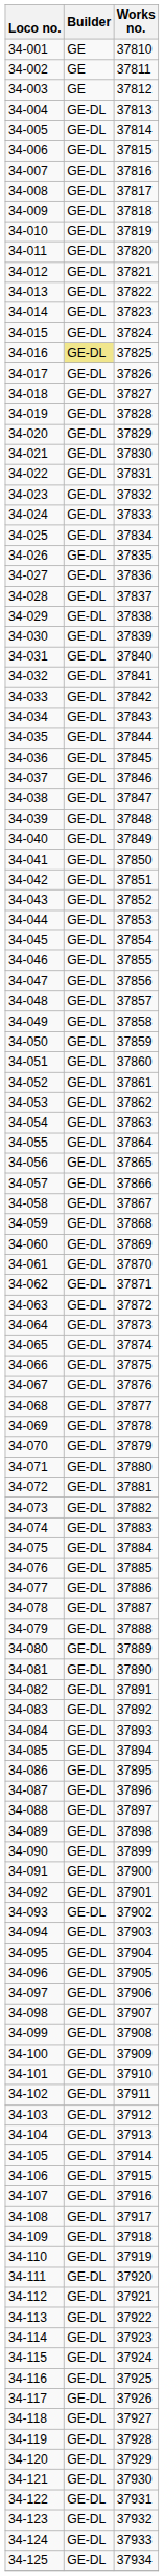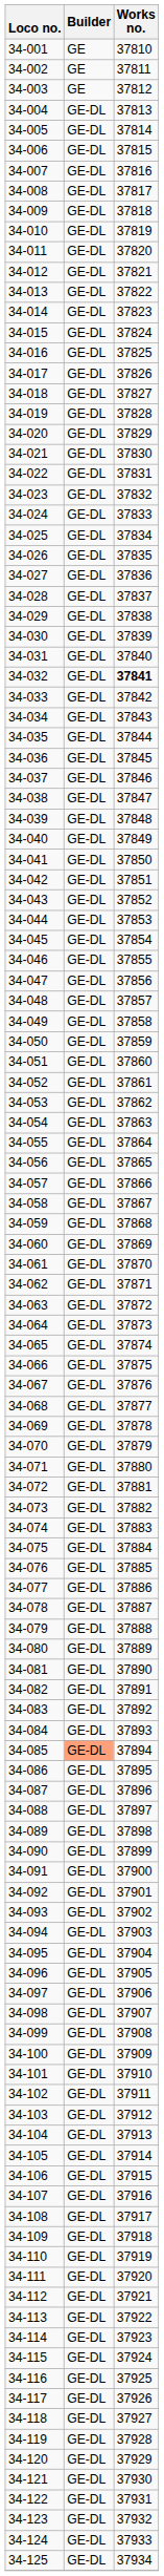 <table class="wikitable collapsible collapsed sortable" style="margin:0.5em auto; font-size:100%;">
 <tr>
 <th><br>Loco no.</th>
 <th>Builder</th>
 <th>Works<br>no.</th>
 </tr>
 <tr>
 <td>34-001</td>
 <td>GE</td>
 <td>37810</td>
 </tr>
 <tr>
 <td>34-002</td>
 <td>GE</td>
 <td>37811</td>
 </tr>
 <tr>
 <td>34-003</td>
 <td>GE</td>
 <td>37812</td>
 </tr>
 <tr>
 <td>34-004</td>
 <td>GE-DL</td>
 <td>37813</td>
 </tr>
 <tr>
 <td>34-005</td>
 <td>GE-DL</td>
 <td>37814</td>
 </tr>
 <tr>
 <td>34-006</td>
 <td>GE-DL</td>
 <td>37815</td>
 </tr>
 <tr>
 <td>34-007</td>
 <td>GE-DL</td>
 <td>37816</td>
 </tr>
 <tr>
 <td>34-008</td>
 <td>GE-DL</td>
 <td>37817</td>
 </tr>
 <tr>
 <td>34-009</td>
 <td>GE-DL</td>
 <td>37818</td>
 </tr>
 <tr>
 <td>34-010</td>
 <td>GE-DL</td>
 <td>37819</td>
 </tr>
 <tr>
 <td>34-011</td>
 <td>GE-DL</td>
 <td>37820</td>
 </tr>
 <tr>
 <td>34-012</td>
 <td>GE-DL</td>
 <td>37821</td>
 </tr>
 <tr>
 <td>34-013</td>
 <td>GE-DL</td>
 <td>37822</td>
 </tr>
 <tr>
 <td>34-014</td>
 <td>GE-DL</td>
 <td>37823</td>
 </tr>
 <tr>
 <td>34-015</td>
 <td>GE-DL</td>
 <td>37824</td>
 </tr>
 <tr>
 <td>34-016</td>
-<td style="background: khaki;">GE-DL</td>
+<td>GE-DL</td>
 <td>37825</td>
 </tr>
 <tr>
 <td>34-017</td>
 <td>GE-DL</td>
 <td>37826</td>
 </tr>
 <tr>
 <td>34-018</td>
 <td>GE-DL</td>
 <td>37827</td>
 </tr>
 <tr>
 <td>34-019</td>
 <td>GE-DL</td>
 <td>37828</td>
 </tr>
 <tr>
 <td>34-020</td>
 <td>GE-DL</td>
 <td>37829</td>
 </tr>
 <tr>
 <td>34-021</td>
 <td>GE-DL</td>
 <td>37830</td>
 </tr>
 <tr>
 <td>34-022</td>
 <td>GE-DL</td>
 <td>37831</td>
 </tr>
 <tr>
 <td>34-023</td>
 <td>GE-DL</td>
 <td>37832</td>
 </tr>
 <tr>
 <td>34-024</td>
 <td>GE-DL</td>
 <td>37833</td>
 </tr>
 <tr>
 <td>34-025</td>
 <td>GE-DL</td>
 <td>37834</td>
 </tr>
 <tr>
 <td>34-026</td>
 <td>GE-DL</td>
 <td>37835</td>
 </tr>
 <tr>
 <td>34-027</td>
 <td>GE-DL</td>
 <td>37836</td>
 </tr>
 <tr>
 <td>34-028</td>
 <td>GE-DL</td>
 <td>37837</td>
 </tr>
 <tr>
 <td>34-029</td>
 <td>GE-DL</td>
 <td>37838</td>
 </tr>
 <tr>
 <td>34-030</td>
 <td>GE-DL</td>
 <td>37839</td>
 </tr>
 <tr>
 <td>34-031</td>
 <td>GE-DL</td>
 <td>37840</td>
 </tr>
 <tr>
 <td>34-032</td>
 <td>GE-DL</td>
-<td>37841</td>
+<td><strong>37841</strong></td>
 </tr>
 <tr>
 <td>34-033</td>
 <td>GE-DL</td>
 <td>37842</td>
 </tr>
 <tr>
 <td>34-034</td>
 <td>GE-DL</td>
 <td>37843</td>
 </tr>
 <tr>
 <td>34-035</td>
 <td>GE-DL</td>
 <td>37844</td>
 </tr>
 <tr>
 <td>34-036</td>
 <td>GE-DL</td>
 <td>37845</td>
 </tr>
 <tr>
 <td>34-037</td>
 <td>GE-DL</td>
 <td>37846</td>
 </tr>
 <tr>
 <td>34-038</td>
 <td>GE-DL</td>
 <td>37847</td>
 </tr>
 <tr>
 <td>34-039</td>
 <td>GE-DL</td>
 <td>37848</td>
 </tr>
 <tr>
 <td>34-040</td>
 <td>GE-DL</td>
 <td>37849</td>
 </tr>
 <tr>
 <td>34-041</td>
 <td>GE-DL</td>
 <td>37850</td>
 </tr>
 <tr>
 <td>34-042</td>
 <td>GE-DL</td>
 <td>37851</td>
 </tr>
 <tr>
 <td>34-043</td>
 <td>GE-DL</td>
 <td>37852</td>
 </tr>
 <tr>
 <td>34-044</td>
 <td>GE-DL</td>
 <td>37853</td>
 </tr>
 <tr>
 <td>34-045</td>
 <td>GE-DL</td>
 <td>37854</td>
 </tr>
 <tr>
 <td>34-046</td>
 <td>GE-DL</td>
 <td>37855</td>
 </tr>
 <tr>
 <td>34-047</td>
 <td>GE-DL</td>
 <td>37856</td>
 </tr>
 <tr>
 <td>34-048</td>
 <td>GE-DL</td>
 <td>37857</td>
 </tr>
 <tr>
 <td>34-049</td>
 <td>GE-DL</td>
 <td>37858</td>
 </tr>
 <tr>
 <td>34-050</td>
 <td>GE-DL</td>
 <td>37859</td>
 </tr>
 <tr>
 <td>34-051</td>
 <td>GE-DL</td>
 <td>37860</td>
 </tr>
 <tr>
 <td>34-052</td>
 <td>GE-DL</td>
 <td>37861</td>
 </tr>
 <tr>
 <td>34-053</td>
 <td>GE-DL</td>
 <td>37862</td>
 </tr>
 <tr>
 <td>34-054</td>
 <td>GE-DL</td>
 <td>37863</td>
 </tr>
 <tr>
 <td>34-055</td>
 <td>GE-DL</td>
 <td>37864</td>
 </tr>
 <tr>
 <td>34-056</td>
 <td>GE-DL</td>
 <td>37865</td>
 </tr>
 <tr>
 <td>34-057</td>
 <td>GE-DL</td>
 <td>37866</td>
 </tr>
 <tr>
 <td>34-058</td>
 <td>GE-DL</td>
 <td>37867</td>
 </tr>
 <tr>
 <td>34-059</td>
 <td>GE-DL</td>
 <td>37868</td>
 </tr>
 <tr>
 <td>34-060</td>
 <td>GE-DL</td>
 <td>37869</td>
 </tr>
 <tr>
 <td>34-061</td>
 <td>GE-DL</td>
 <td>37870</td>
 </tr>
 <tr>
 <td>34-062</td>
 <td>GE-DL</td>
 <td>37871</td>
 </tr>
 <tr>
 <td>34-063</td>
 <td>GE-DL</td>
 <td>37872</td>
 </tr>
 <tr>
 <td>34-064</td>
 <td>GE-DL</td>
 <td>37873</td>
 </tr>
 <tr>
 <td>34-065</td>
 <td>GE-DL</td>
 <td>37874</td>
 </tr>
 <tr>
 <td>34-066</td>
 <td>GE-DL</td>
 <td>37875</td>
 </tr>
 <tr>
 <td>34-067</td>
 <td>GE-DL</td>
 <td>37876</td>
 </tr>
 <tr>
 <td>34-068</td>
 <td>GE-DL</td>
 <td>37877</td>
 </tr>
 <tr>
 <td>34-069</td>
 <td>GE-DL</td>
 <td>37878</td>
 </tr>
 <tr>
 <td>34-070</td>
 <td>GE-DL</td>
 <td>37879</td>
 </tr>
 <tr>
 <td>34-071</td>
 <td>GE-DL</td>
 <td>37880</td>
 </tr>
 <tr>
 <td>34-072</td>
 <td>GE-DL</td>
 <td>37881</td>
 </tr>
 <tr>
 <td>34-073</td>
 <td>GE-DL</td>
 <td>37882</td>
 </tr>
 <tr>
 <td>34-074</td>
 <td>GE-DL</td>
 <td>37883</td>
 </tr>
 <tr>
 <td>34-075</td>
 <td>GE-DL</td>
 <td>37884</td>
 </tr>
 <tr>
 <td>34-076</td>
 <td>GE-DL</td>
 <td>37885</td>
 </tr>
 <tr>
 <td>34-077</td>
 <td>GE-DL</td>
 <td>37886</td>
 </tr>
 <tr>
 <td>34-078</td>
 <td>GE-DL</td>
 <td>37887</td>
 </tr>
 <tr>
 <td>34-079</td>
 <td>GE-DL</td>
 <td>37888</td>
 </tr>
 <tr>
 <td>34-080</td>
 <td>GE-DL</td>
 <td>37889</td>
 </tr>
 <tr>
 <td>34-081</td>
 <td>GE-DL</td>
 <td>37890</td>
 </tr>
 <tr>
 <td>34-082</td>
 <td>GE-DL</td>
 <td>37891</td>
 </tr>
 <tr>
 <td>34-083</td>
 <td>GE-DL</td>
 <td>37892</td>
 </tr>
 <tr>
 <td>34-084</td>
 <td>GE-DL</td>
 <td>37893</td>
 </tr>
 <tr>
 <td>34-085</td>
-<td>GE-DL</td>
+<td style="background: lightsalmon;">GE-DL</td>
 <td>37894</td>
 </tr>
 <tr>
 <td>34-086</td>
 <td>GE-DL</td>
 <td>37895</td>
 </tr>
 <tr>
 <td>34-087</td>
 <td>GE-DL</td>
 <td>37896</td>
 </tr>
 <tr>
 <td>34-088</td>
 <td>GE-DL</td>
 <td>37897</td>
 </tr>
 <tr>
 <td>34-089</td>
 <td>GE-DL</td>
 <td>37898</td>
 </tr>
 <tr>
 <td>34-090</td>
 <td>GE-DL</td>
 <td>37899</td>
 </tr>
 <tr>
 <td>34-091</td>
 <td>GE-DL</td>
 <td>37900</td>
 </tr>
 <tr>
 <td>34-092</td>
 <td>GE-DL</td>
 <td>37901</td>
 </tr>
 <tr>
 <td>34-093</td>
 <td>GE-DL</td>
 <td>37902</td>
 </tr>
 <tr>
 <td>34-094</td>
 <td>GE-DL</td>
 <td>37903</td>
 </tr>
 <tr>
 <td>34-095</td>
 <td>GE-DL</td>
 <td>37904</td>
 </tr>
 <tr>
 <td>34-096</td>
 <td>GE-DL</td>
 <td>37905</td>
 </tr>
 <tr>
 <td>34-097</td>
 <td>GE-DL</td>
 <td>37906</td>
 </tr>
 <tr>
 <td>34-098</td>
 <td>GE-DL</td>
 <td>37907</td>
 </tr>
 <tr>
 <td>34-099</td>
 <td>GE-DL</td>
 <td>37908</td>
 </tr>
 <tr>
 <td>34-100</td>
 <td>GE-DL</td>
 <td>37909</td>
 </tr>
 <tr>
 <td>34-101</td>
 <td>GE-DL</td>
 <td>37910</td>
 </tr>
 <tr>
 <td>34-102</td>
 <td>GE-DL</td>
 <td>37911</td>
 </tr>
 <tr>
 <td>34-103</td>
 <td>GE-DL</td>
 <td>37912</td>
 </tr>
 <tr>
 <td>34-104</td>
 <td>GE-DL</td>
 <td>37913</td>
 </tr>
 <tr>
 <td>34-105</td>
 <td>GE-DL</td>
 <td>37914</td>
 </tr>
 <tr>
 <td>34-106</td>
 <td>GE-DL</td>
 <td>37915</td>
 </tr>
 <tr>
 <td>34-107</td>
 <td>GE-DL</td>
 <td>37916</td>
 </tr>
 <tr>
 <td>34-108</td>
 <td>GE-DL</td>
 <td>37917</td>
 </tr>
 <tr>
 <td>34-109</td>
 <td>GE-DL</td>
 <td>37918</td>
 </tr>
 <tr>
 <td>34-110</td>
 <td>GE-DL</td>
 <td>37919</td>
 </tr>
 <tr>
 <td>34-111</td>
 <td>GE-DL</td>
 <td>37920</td>
 </tr>
 <tr>
 <td>34-112</td>
 <td>GE-DL</td>
 <td>37921</td>
 </tr>
 <tr>
 <td>34-113</td>
 <td>GE-DL</td>
 <td>37922</td>
 </tr>
 <tr>
 <td>34-114</td>
 <td>GE-DL</td>
 <td>37923</td>
 </tr>
 <tr>
 <td>34-115</td>
 <td>GE-DL</td>
 <td>37924</td>
 </tr>
 <tr>
 <td>34-116</td>
 <td>GE-DL</td>
 <td>37925</td>
 </tr>
 <tr>
 <td>34-117</td>
 <td>GE-DL</td>
 <td>37926</td>
 </tr>
 <tr>
 <td>34-118</td>
 <td>GE-DL</td>
 <td>37927</td>
 </tr>
 <tr>
 <td>34-119</td>
 <td>GE-DL</td>
 <td>37928</td>
 </tr>
 <tr>
 <td>34-120</td>
 <td>GE-DL</td>
 <td>37929</td>
 </tr>
 <tr>
 <td>34-121</td>
 <td>GE-DL</td>
 <td>37930</td>
 </tr>
 <tr>
 <td>34-122</td>
 <td>GE-DL</td>
 <td>37931</td>
 </tr>
 <tr>
 <td>34-123</td>
 <td>GE-DL</td>
 <td>37932</td>
 </tr>
 <tr>
 <td>34-124</td>
 <td>GE-DL</td>
 <td>37933</td>
 </tr>
 <tr>
 <td>34-125</td>
 <td>GE-DL</td>
 <td>37934</td>
 </tr>
 <tr>
 </tr>
 </table>
